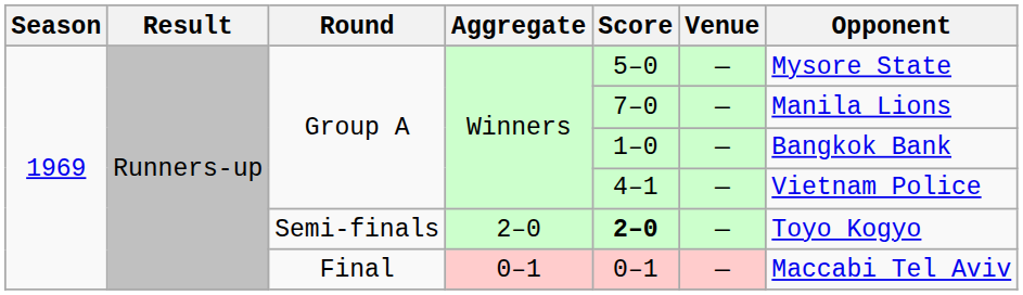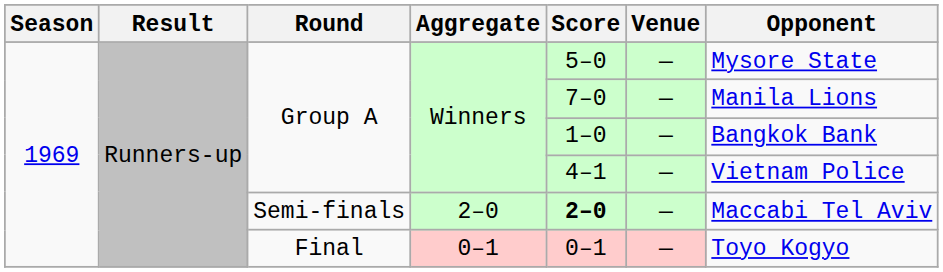 <table class="wikitable sticky-header" style="text-align:center">
 <tr>
 <th>Season</th>
 <th>Result</th>
 <th>Round</th>
 <th>Aggregate</th>
 <th>Score</th>
 <th>Venue</th>
 <th>Opponent</th>
 </tr>
 <tr>
 <td rowspan="6"><a href='#'>1969</a></td>
 <td rowspan="6" style="background:silver">Runners-up</td>
 <td rowspan="4">Group A</td>
 <td rowspan="4" style="background:#cfc">Winners</td>
 <td style="background:#cfc">5–0</td>
 <td style="background:#cfc">—</td>
 <td align="left"> <a href='#'>Mysore State</a></td>
 </tr>
 <tr>
 <td style="background:#cfc">7–0</td>
 <td style="background:#cfc">—</td>
 <td align="left"> <a href='#'>Manila Lions</a></td>
 </tr>
 <tr>
 <td style="background:#cfc">1–0</td>
 <td style="background:#cfc">—</td>
 <td align="left"> <a href='#'>Bangkok Bank</a></td>
 </tr>
 <tr>
 <td style="background:#cfc">4–1</td>
 <td style="background:#cfc">—</td>
 <td align="left"> <a href='#'>Vietnam Police</a></td>
 </tr>
 <tr>
 <td>Semi-finals</td>
 <td style="background:#cfc">2–0</td>
 <td style="background:#cfc"><strong>2–0</strong></td>
 <td style="background:#cfc">—</td>
-<td align="left"> <a href='#'>Toyo Kogyo</a></td>
+<td align="left"> <a href='#'>Maccabi Tel Aviv</a></td>
 </tr>
 <tr>
 <td>Final</td>
 <td style="background:#fcc">0–1</td>
 <td style="background:#fcc">0–1 </td>
 <td style="background:#fcc">—</td>
-<td align="left"> <a href='#'>Maccabi Tel Aviv</a></td>
+<td align="left"> <a href='#'>Toyo Kogyo</a></td>
 </tr>
 </table>
